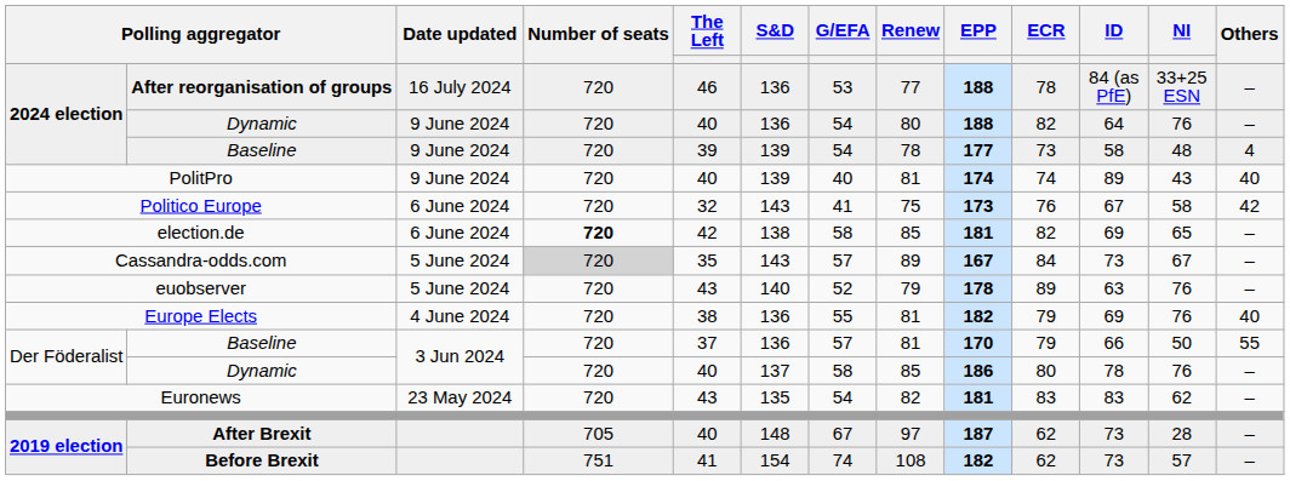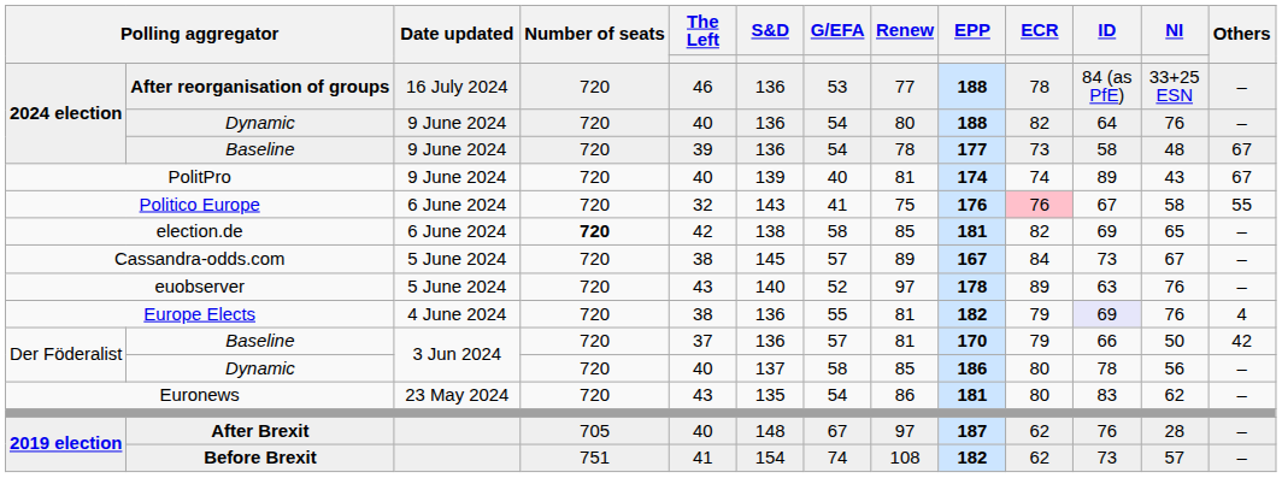 <table class="wikitable collapsible" style="text-align:center; font-size:95%; line-height:16px;">
 <tr style="height:42px;">
 <th colspan="2" rowspan="2">Polling aggregator</th>
 <th rowspan="2" style="width:100px;">Date updated</th>
 <th rowspan="2">Number of seats</th>
 <th class="unsortable" style="width:50px;"><a href='#'>The Left</a></th>
 <th class="unsortable" style="width:50px;"><a href='#'>S&D</a></th>
 <th class="unsortable" style="width:50px;"><a href='#'>G/EFA</a></th>
 <th class="unsortable" style="width:50px;"><a href='#'>Renew</a></th>
 <th class="unsortable" style="width:50px;"><a href='#'>EPP</a></th>
 <th class="unsortable" style="width:50px;"><a href='#'>ECR</a></th>
 <th class="unsortable" style="width:50px;"><a href='#'>ID</a></th>
 <th class="unsortable" style="width:50px;"><a href='#'>NI</a></th>
 <th rowspan="2" class="unsortable" style="width:50px;">Others</th>
 </tr>
 <tr>
 <th data-sort-type="number" style="color:inherit;background:"></th>
 <th data-sort-type="number" style="color:inherit;background:"></th>
 <th data-sort-type="number" style="color:inherit;background:"></th>
 <th data-sort-type="number" style="color:inherit;background:"></th>
 <th data-sort-type="number" style="color:inherit;background:"></th>
 <th data-sort-type="number" style="color:inherit;background:"></th>
 <th data-sort-type="number" style="color:inherit;background:"></th>
 <th data-sort-type="number" style="color:inherit;background:"></th>
 </tr>
 <tr style="background:#EFEFEF;">
 </tr>
 <tr>
 </tr>
 <tr style="background:#EFEFEF;">
 <td rowspan="3"><strong>2024 election</strong></td>
 <td><strong>After reorganisation of groups</strong></td>
 <td>16 July 2024</td>
 <td>720</td>
 <td>46</td>
 <td>136</td>
 <td>53</td>
 <td>77</td>
 <td style="background:#CCE5FF;"><strong>188</strong></td>
 <td>78</td>
 <td>84 (as <a href='#'>PfE</a>)</td>
 <td>33+25 <a href='#'>ESN</a></td>
 <td>–</td>
 </tr>
 <tr style="background:#EFEFEF;">
 <td><em>Dynamic</em></td>
 <td>9 June 2024</td>
 <td>720</td>
 <td>40</td>
 <td>136</td>
 <td>54</td>
 <td>80</td>
 <td style="background:#CCE5FF;"><strong>188</strong></td>
 <td>82</td>
 <td>64</td>
 <td>76</td>
 <td>–</td>
 </tr>
 <tr style="background:#EFEFEF;">
 <td><em>Baseline</em></td>
 <td>9 June 2024</td>
 <td>720</td>
 <td>39</td>
-<td>139</td>
+<td>136</td>
 <td>54</td>
 <td>78</td>
 <td style="background:#CCE5FF;"><strong>177</strong></td>
 <td>73</td>
 <td>58</td>
 <td>48</td>
-<td>4</td>
+<td>67</td>
 </tr>
 <tr>
 <td colspan="2">PolitPro</td>
 <td>9 June 2024</td>
 <td>720</td>
 <td>40</td>
 <td>139</td>
 <td>40</td>
 <td>81</td>
 <td style="background:#CCE5FF;"><strong>174</strong></td>
 <td>74</td>
 <td>89</td>
 <td>43</td>
-<td>40</td>
+<td>67</td>
 </tr>
 <tr>
 <td colspan="2"><a href='#'>Politico Europe</a></td>
 <td>6 June 2024</td>
 <td>720</td>
 <td>32</td>
 <td>143</td>
 <td>41</td>
 <td>75</td>
-<td style="background:#CCE5FF;"><strong>173</strong></td>
-<td>76</td>
+<td style="background:#CCE5FF;"><strong>176</strong></td>
+<td style="background: pink;">76</td>
 <td>67</td>
 <td>58</td>
-<td>42</td>
+<td>55</td>
 </tr>
 <tr>
 <td colspan="2">election.de</td>
 <td>6 June 2024</td>
 <td><strong>720</strong></td>
 <td>42</td>
 <td>138</td>
 <td>58</td>
 <td>85</td>
 <td style="background:#CCE5FF;"><strong>181</strong></td>
 <td>82</td>
 <td>69</td>
 <td>65</td>
 <td>–</td>
 </tr>
 <tr>
 <td colspan="2">Cassandra-odds.com</td>
 <td>5 June 2024</td>
-<td style="background: lightgrey;">720</td>
-<td>35</td>
-<td>143</td>
+<td>720</td>
+<td>38</td>
+<td>145</td>
 <td>57</td>
 <td>89</td>
 <td style="background:#CCE5FF;"><strong>167</strong></td>
 <td>84</td>
 <td>73</td>
 <td>67</td>
 <td>–</td>
 </tr>
 <tr>
 <td colspan="2">euobserver</td>
 <td>5 June 2024</td>
 <td>720</td>
 <td>43</td>
 <td>140</td>
 <td>52</td>
-<td>79</td>
+<td>97</td>
 <td style="background:#CCE5FF;"><strong>178</strong></td>
 <td>89</td>
 <td>63</td>
 <td>76</td>
 <td>–</td>
 </tr>
 <tr>
 <td colspan="2"><a href='#'>Europe Elects</a></td>
 <td>4 June 2024</td>
 <td>720</td>
 <td>38</td>
 <td>136</td>
 <td>55</td>
 <td>81</td>
 <td style="background:#CCE5FF;"><strong>182</strong></td>
 <td>79</td>
-<td>69</td>
+<td style="background: lavender;">69</td>
 <td>76</td>
-<td>40</td>
+<td>4</td>
 </tr>
 <tr>
 <td rowspan="2">Der Föderalist</td>
 <td><em>Baseline</em></td>
 <td rowspan="2">3 Jun 2024</td>
 <td>720</td>
 <td>37</td>
 <td>136</td>
 <td>57</td>
 <td>81</td>
 <td style="background:#CCE5FF;"><strong>170</strong></td>
 <td>79</td>
 <td>66</td>
 <td>50</td>
-<td>55</td>
+<td>42</td>
 </tr>
 <tr>
 <td><em>Dynamic</em></td>
 <td>720</td>
 <td>40</td>
 <td>137</td>
 <td>58</td>
 <td>85</td>
 <td style="background:#CCE5FF;"><strong>186</strong></td>
 <td>80</td>
 <td>78</td>
-<td>76</td>
+<td>56</td>
 <td>–</td>
 </tr>
 <tr>
 <td colspan="2">Euronews</td>
 <td>23 May 2024</td>
 <td>720</td>
 <td>43</td>
 <td>135</td>
 <td>54</td>
-<td>82</td>
+<td>86</td>
 <td style="background:#CCE5FF;"><strong>181</strong></td>
-<td>83</td>
+<td>80</td>
 <td>83</td>
 <td>62</td>
 <td>–</td>
 </tr>
 <tr>
 <td colspan="13" style="background:#A0A0A0"></td>
 </tr>
 <tr style="background:#EFEFEF;">
 <td rowspan="2"><strong><a href='#'>2019 election</a></strong></td>
 <td><strong>After Brexit</strong></td>
 <td></td>
 <td>705</td>
 <td>40</td>
 <td>148</td>
 <td>67</td>
 <td>97</td>
 <td style="background:#CCE5FF;"><strong>187</strong></td>
 <td>62</td>
-<td>73</td>
+<td>76</td>
 <td>28</td>
 <td>–</td>
 </tr>
 <tr style="background:#EFEFEF;">
 <td><strong>Before Brexit</strong></td>
 <td></td>
 <td>751</td>
 <td>41</td>
 <td>154</td>
 <td>74</td>
 <td>108</td>
 <td style="background:#CCE5FF;"><strong>182</strong></td>
 <td>62</td>
 <td>73</td>
 <td>57</td>
 <td>–</td>
 </tr>
 </table>
